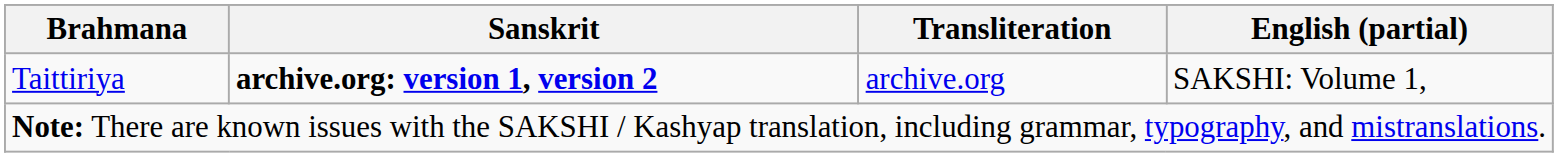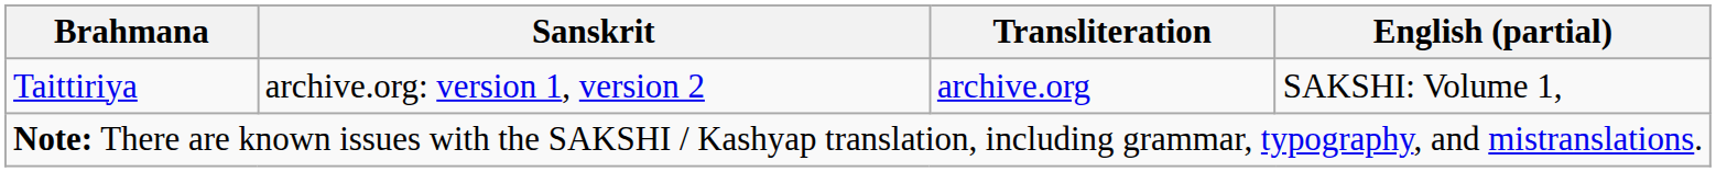 <table class="wikitable">
 <tr>
 <th>Brahmana</th>
 <th>Sanskrit</th>
 <th>Transliteration</th>
 <th>English (partial)</th>
 </tr>
 <tr>
 <td><a href='#'>Taittiriya</a></td>
-<td><strong>archive.org: <a href='#'>version 1</a>, <a href='#'>version 2</a></strong></td>
+<td>archive.org: <a href='#'>version 1</a>, <a href='#'>version 2</a></td>
 <td><a href='#'>archive.org</a></td>
 <td>SAKSHI: Volume 1, </td>
 </tr>
 <tr>
 <td colspan="4"><strong>Note:</strong> There are known issues with the SAKSHI / Kashyap translation, including grammar, <a href='#'>typography</a>, and <a href='#'>mistranslations</a>.</td>
 </tr>
 </table>
